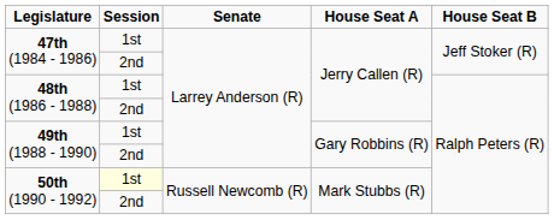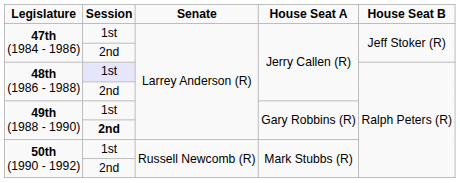 <table class=wikitable style="text-align:center">
 <tr>
 <td><strong>Legislature</strong></td>
 <td><strong>Session</strong></td>
 <td><strong>Senate</strong></td>
 <td><strong>House Seat A</strong></td>
 <td><strong>House Seat B</strong></td>
 </tr>
 <tr>
 <td rowspan="2" colspan="1" style="text-align: center;"><strong>47th</strong> <br> (1984 - 1986)</td>
 <td>1st</td>
 <td rowspan="6" colspan="1" style="text-align: center;" >Larrey Anderson (R)</td>
 <td rowspan="4" colspan="1" style="text-align: center;" >Jerry Callen (R)</td>
 <td rowspan="2" colspan="1" style="text-align: center;" >Jeff Stoker (R)</td>
 </tr>
 <tr>
 <td>2nd</td>
 </tr>
 <tr>
 <td rowspan="2" colspan="1" style="text-align: center;"><strong>48th</strong> <br> (1986 - 1988)</td>
-<td>1st</td>
+<td style="background: lavender;">1st</td>
 <td rowspan="6" colspan="1" style="text-align: center;" >Ralph Peters (R)</td>
 </tr>
 <tr>
 <td>2nd</td>
 </tr>
 <tr>
 <td rowspan="2" colspan="1" style="text-align: center;"><strong>49th</strong> <br> (1988 - 1990)</td>
 <td>1st</td>
 <td rowspan="2" colspan="1" style="text-align: center;" >Gary Robbins (R)</td>
 </tr>
 <tr>
-<td>2nd</td>
+<td><strong>2nd</strong></td>
 </tr>
 <tr>
 <td rowspan="2" colspan="1" style="text-align: center;"><strong>50th</strong> <br> (1990 - 1992)</td>
-<td style="background: lightyellow;">1st</td>
+<td>1st</td>
 <td rowspan="2" colspan="1" style="text-align: center;" >Russell Newcomb (R)</td>
 <td rowspan="2" colspan="1" style="text-align: center;" >Mark Stubbs (R)</td>
 </tr>
 <tr>
 <td>2nd</td>
 </tr>
 </table>
